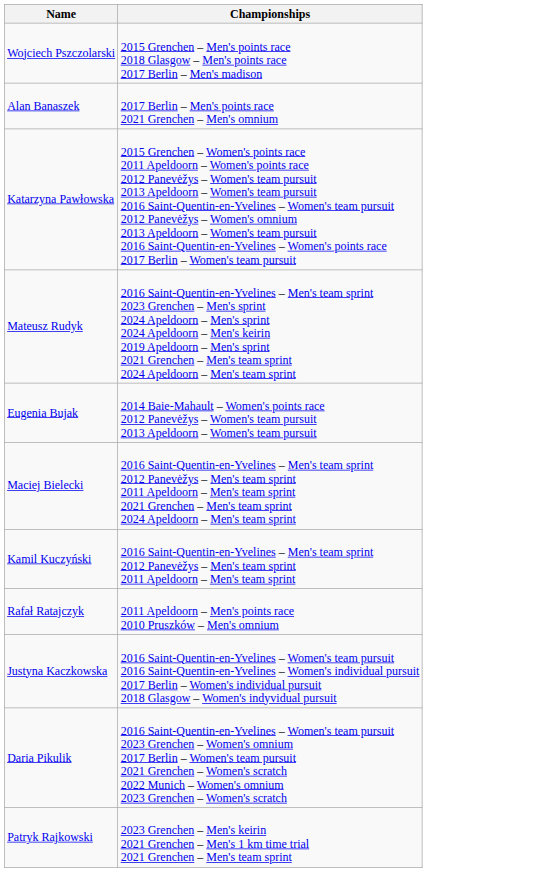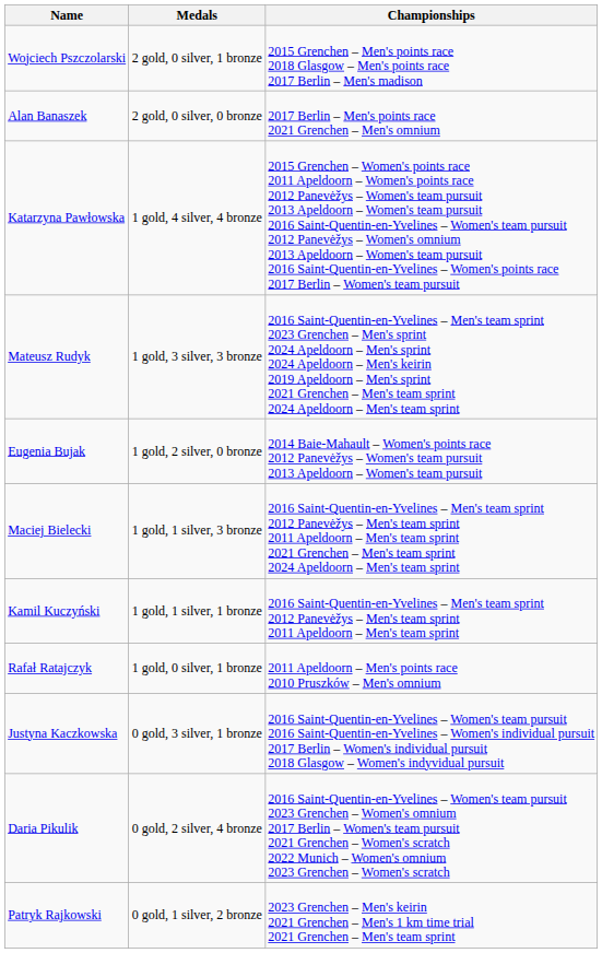 <table class="wikitable">
 <tr>
 <th>Name</th>
+<th>Medals</th>
 <th>Championships</th>
 </tr>
 <tr>
 <td><a href='#'>Wojciech Pszczolarski</a></td>
+<td>2 gold, 0 silver, 1 bronze</td>
 <td><br> <a href='#'>2015 Grenchen</a> – <a href='#'>Men's points race</a><br>  <a href='#'>2018 Glasgow</a> – <a href='#'>Men's points race</a><br>  <a href='#'>2017 Berlin</a> – <a href='#'>Men's madison</a><br></td>
 </tr>
 <tr>
 <td><a href='#'>Alan Banaszek</a></td>
+<td>2 gold, 0 silver, 0 bronze</td>
 <td><br> <a href='#'>2017 Berlin</a> – <a href='#'>Men's points race</a><br>  <a href='#'>2021 Grenchen</a> – <a href='#'>Men's omnium</a><br></td>
 </tr>
 <tr>
 <td><a href='#'>Katarzyna Pawłowska</a></td>
+<td>1 gold, 4 silver, 4 bronze</td>
 <td><br> <a href='#'>2015 Grenchen</a> – <a href='#'>Women's points race</a><br>   <a href='#'>2011 Apeldoorn</a> – <a href='#'>Women's points race</a>  <br>  <a href='#'>2012 Panevėžys</a> – <a href='#'>Women's team pursuit</a>  <br>  <a href='#'>2013 Apeldoorn</a> – <a href='#'>Women's team pursuit</a>  <br>  <a href='#'>2016 Saint-Quentin-en-Yvelines</a> – <a href='#'>Women's team pursuit</a>  <br>  <a href='#'>2012 Panevėžys</a> – <a href='#'>Women's omnium</a>  <br>  <a href='#'>2013 Apeldoorn</a> – <a href='#'>Women's team pursuit</a>  <br>  <a href='#'>2016 Saint-Quentin-en-Yvelines</a> – <a href='#'>Women's points race</a>  <br>  <a href='#'>2017 Berlin</a> – <a href='#'>Women's team pursuit</a>  <br></td>
 </tr>
 <tr>
 <td><a href='#'>Mateusz Rudyk</a></td>
+<td>1 gold, 3 silver, 3 bronze</td>
 <td><br> <a href='#'>2016 Saint-Quentin-en-Yvelines</a> – <a href='#'>Men's team sprint</a><br>  <a href='#'>2023 Grenchen</a> – <a href='#'>Men's sprint</a><br>  <a href='#'>2024 Apeldoorn</a> – <a href='#'>Men's sprint</a><br>  <a href='#'>2024 Apeldoorn</a> – <a href='#'>Men's keirin</a><br>  <a href='#'>2019 Apeldoorn</a> – <a href='#'>Men's sprint</a><br>  <a href='#'>2021 Grenchen</a> – <a href='#'>Men's team sprint</a><br> <a href='#'>2024 Apeldoorn</a> – <a href='#'>Men's team sprint</a><br></td>
 </tr>
 <tr>
 <td><a href='#'>Eugenia Bujak</a></td>
+<td>1 gold, 2 silver, 0 bronze</td>
 <td><br> <a href='#'>2014 Baie-Mahault</a> – <a href='#'>Women's points race</a><br>   <a href='#'>2012 Panevėžys</a> – <a href='#'>Women's team pursuit</a>  <br>  <a href='#'>2013 Apeldoorn</a> – <a href='#'>Women's team pursuit</a>  <br></td>
 </tr>
 <tr>
 <td><a href='#'>Maciej Bielecki</a></td>
+<td>1 gold, 1 silver, 3 bronze</td>
 <td><br> <a href='#'>2016 Saint-Quentin-en-Yvelines</a> – <a href='#'>Men's team sprint</a><br>  <a href='#'>2012 Panevėžys</a> – <a href='#'>Men's team sprint</a><br>  <a href='#'>2011 Apeldoorn</a> – <a href='#'>Men's team sprint</a><br>  <a href='#'>2021 Grenchen</a> – <a href='#'>Men's team sprint</a><br> <a href='#'>2024 Apeldoorn</a> – <a href='#'>Men's team sprint</a><br></td>
 </tr>
 <tr>
 <td><a href='#'>Kamil Kuczyński</a></td>
+<td>1 gold, 1 silver, 1 bronze</td>
 <td><br> <a href='#'>2016 Saint-Quentin-en-Yvelines</a> – <a href='#'>Men's team sprint</a><br>  <a href='#'>2012 Panevėžys</a> – <a href='#'>Men's team sprint</a><br>  <a href='#'>2011 Apeldoorn</a> – <a href='#'>Men's team sprint</a><br></td>
 </tr>
 <tr>
 <td><a href='#'>Rafał Ratajczyk</a></td>
+<td>1 gold, 0 silver, 1 bronze</td>
 <td><br> <a href='#'>2011 Apeldoorn</a> – <a href='#'>Men's points race</a><br>  <a href='#'>2010 Pruszków</a> – <a href='#'>Men's omnium</a><br></td>
 </tr>
 <tr>
 <td><a href='#'>Justyna Kaczkowska</a></td>
+<td>0 gold, 3 silver, 1 bronze</td>
 <td><br> <a href='#'>2016 Saint-Quentin-en-Yvelines</a> – <a href='#'>Women's team pursuit</a>  <br>  <a href='#'>2016 Saint-Quentin-en-Yvelines</a> – <a href='#'>Women's individual pursuit</a>  <br>  <a href='#'>2017 Berlin</a> – <a href='#'>Women's individual pursuit</a>  <br>  <a href='#'>2018 Glasgow</a> – <a href='#'>Women's indyvidual pursuit</a>  <br></td>
 </tr>
 <tr>
 <td><a href='#'>Daria Pikulik</a></td>
+<td>0 gold, 2 silver, 4 bronze</td>
 <td><br> <a href='#'>2016 Saint-Quentin-en-Yvelines</a> – <a href='#'>Women's team pursuit</a>  <br>  <a href='#'>2023 Grenchen</a> – <a href='#'>Women's omnium</a>  <br>  <a href='#'>2017 Berlin</a> – <a href='#'>Women's team pursuit</a>  <br>  <a href='#'>2021 Grenchen</a> – <a href='#'>Women's scratch</a>  <br>  <a href='#'>2022 Munich</a> – <a href='#'>Women's omnium</a>  <br>  <a href='#'>2023 Grenchen</a> – <a href='#'>Women's scratch</a>  <br></td>
 </tr>
 <tr>
 <td><a href='#'>Patryk Rajkowski</a></td>
+<td>0 gold, 1 silver, 2 bronze</td>
 <td><br> <a href='#'>2023 Grenchen</a> – <a href='#'>Men's keirin</a><br>  <a href='#'>2021 Grenchen</a> – <a href='#'>Men's 1 km time trial</a><br>  <a href='#'>2021 Grenchen</a> – <a href='#'>Men's team sprint</a><br></td>
 </tr>
 </table>
